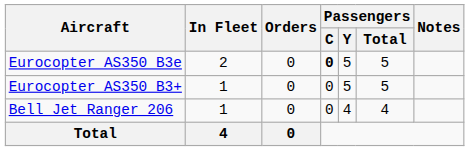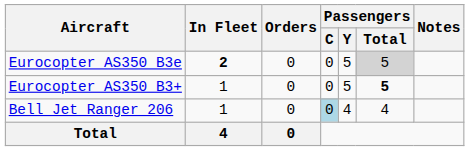 <table class="wikitable" style="margin:1em auto; border-collapse:collapse; text-align: center">
 <tr>
 <th rowspan=2>Aircraft</th>
 <th rowspan=2>In Fleet</th>
 <th rowspan=2>Orders</th>
 <th colspan=3>Passengers</th>
 <th rowspan=2>Notes</th>
 </tr>
 <tr>
 <th><abbr>C</abbr></th>
 <th><abbr>Y</abbr></th>
 <th>Total</th>
 </tr>
 <tr>
 <td align=left><a href='#'>Eurocopter AS350 B3e</a></td>
-<td>2</td>
+<td><strong>2</strong></td>
 <td>0</td>
-<td><strong>0</strong></td>
+<td>0</td>
 <td>5</td>
-<td>5</td>
+<td style="background: lightgrey;">5</td>
 <td></td>
 </tr>
 <tr>
 <td align=left><a href='#'>Eurocopter AS350 B3+</a></td>
 <td>1</td>
 <td>0</td>
 <td>0</td>
 <td>5</td>
-<td>5</td>
+<td><strong>5</strong></td>
 <td></td>
 </tr>
 <tr>
 <td align=left><a href='#'>Bell Jet Ranger 206</a></td>
 <td>1</td>
 <td>0</td>
-<td>0</td>
+<td style="background: lightblue;">0</td>
 <td>4</td>
 <td>4</td>
 <td></td>
 </tr>
 <tr>
 <th>Total</th>
 <th>4</th>
 <th>0</th>
 <td colspan="4"></td>
 </tr>
 </table>
